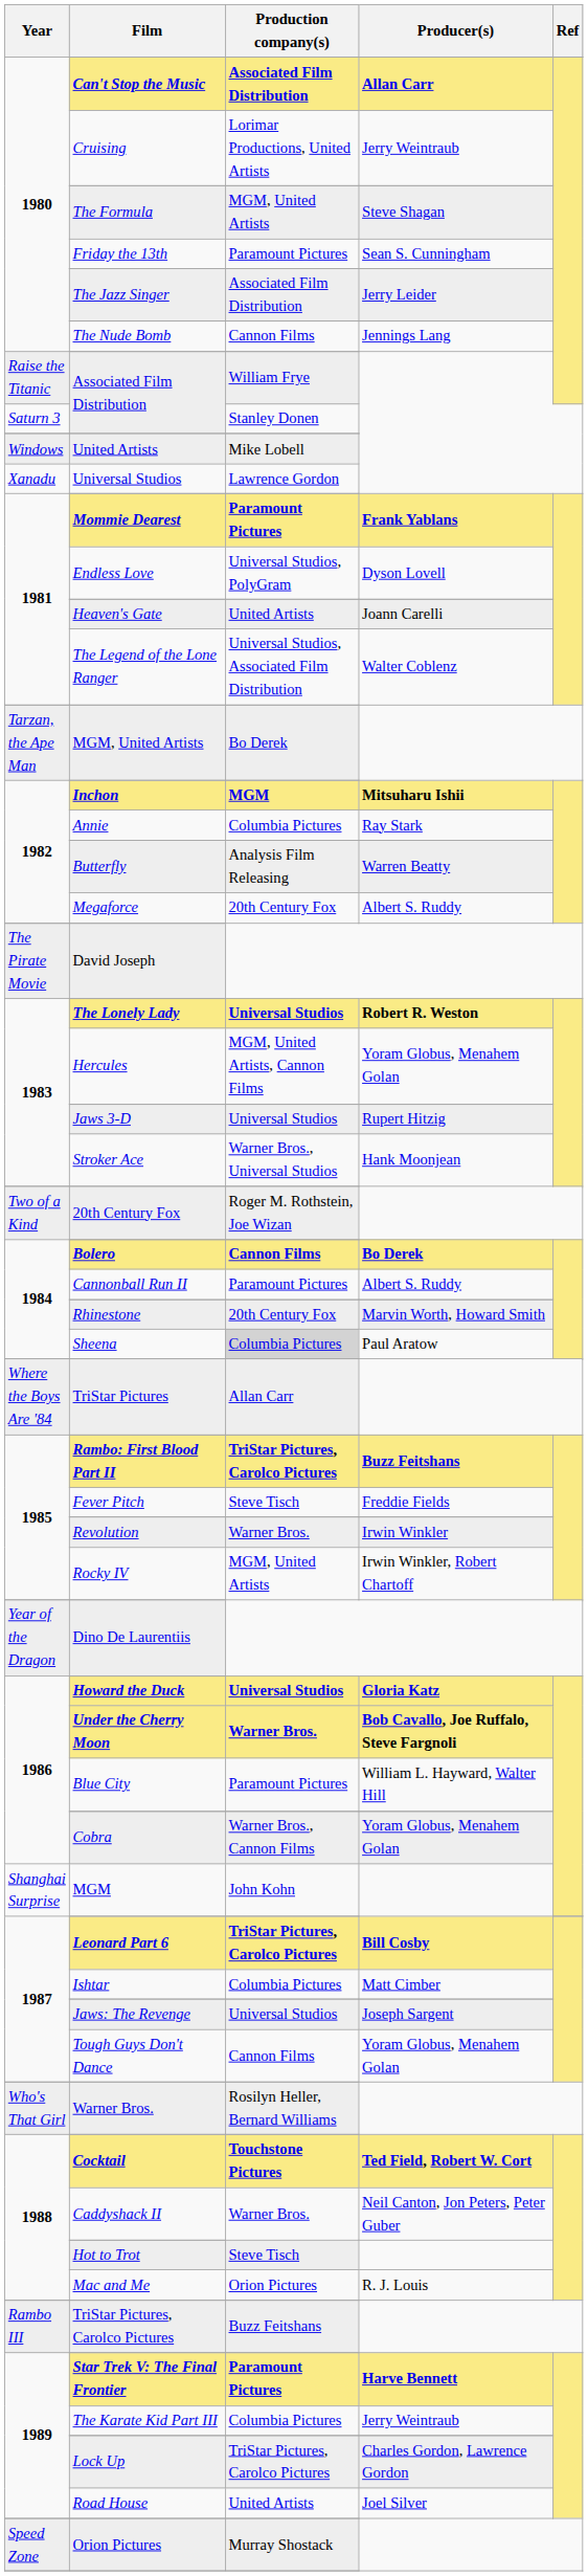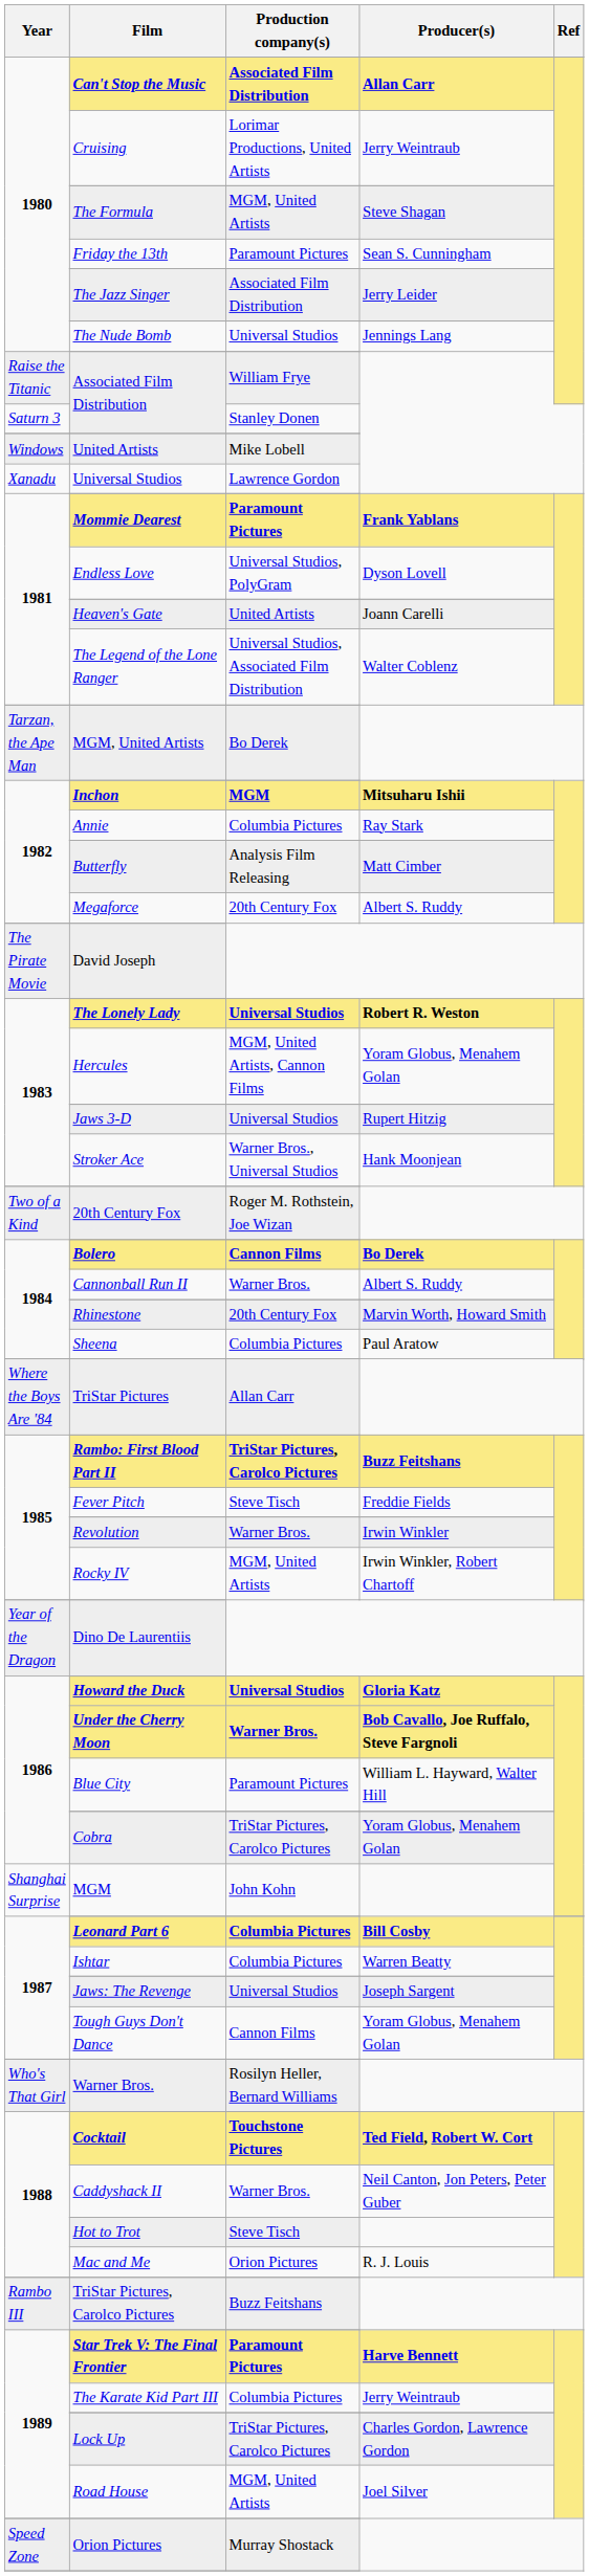 <table class="wikitable sortable" style="font-size:1.00em; line-height:1.5em;">
 <tr bgcolor="#bebebe">
 <th style="width:7%;">Year</th>
 <th style="width:30%;">Film</th>
 <th style="width:25%;">Production company(s)</th>
 <th style="width:40%;">Producer(s)</th>
 <th style="width:10%;">Ref</th>
 </tr>
 <tr>
 <td rowspan=11 style="text-align:center"><strong>1980</strong><br></td>
 </tr>
 <tr style="background:#FAEB86">
 <td><strong><em><a href='#'>Can't Stop the Music</a></em></strong></td>
 <td><strong><a href='#'>Associated Film Distribution</a></strong></td>
 <td><strong><a href='#'>Allan Carr</a></strong></td>
 <td rowspan=11></td>
 </tr>
 <tr>
 <td><em><a href='#'>Cruising</a></em></td>
 <td><a href='#'>Lorimar Productions</a>, <a href='#'>United Artists</a></td>
 <td><a href='#'>Jerry Weintraub</a></td>
 </tr>
 <tr>
 </tr>
 <tr style="background:#eee;">
 <td><em><a href='#'>The Formula</a></em></td>
 <td><a href='#'>MGM</a>, <a href='#'>United Artists</a></td>
 <td><a href='#'>Steve Shagan</a></td>
 </tr>
 <tr>
 <td><em><a href='#'>Friday the 13th</a></em></td>
 <td><a href='#'>Paramount Pictures</a></td>
 <td><a href='#'>Sean S. Cunningham</a></td>
 </tr>
 <tr>
 </tr>
 <tr style="background:#eee;">
 <td><em><a href='#'>The Jazz Singer</a></em></td>
 <td><a href='#'>Associated Film Distribution</a></td>
 <td><a href='#'>Jerry Leider</a></td>
 </tr>
 <tr>
 </tr>
 <tr>
 <td><em><a href='#'>The Nude Bomb</a></em></td>
-<td><a href='#'>Cannon Films</a></td>
+<td><a href='#'>Universal Studios</a></td>
 <td><a href='#'>Jennings Lang</a></td>
 </tr>
 <tr>
 </tr>
 <tr style="background:#eee;">
 <td><em><a href='#'>Raise the Titanic</a></em></td>
 <td rowspan="2"><a href='#'>Associated Film Distribution</a></td>
 <td><a href='#'>William Frye</a></td>
 </tr>
 <tr>
 <td><em><a href='#'>Saturn 3</a></em></td>
 <td><a href='#'>Stanley Donen</a></td>
 </tr>
 <tr>
 </tr>
 <tr style="background:#eee;">
 <td><em><a href='#'>Windows</a></em></td>
 <td><a href='#'>United Artists</a></td>
 <td>Mike Lobell</td>
 </tr>
 <tr>
 <td><em><a href='#'>Xanadu</a></em></td>
 <td><a href='#'>Universal Studios</a></td>
 <td><a href='#'>Lawrence Gordon</a></td>
 </tr>
 <tr>
 <td rowspan=6 style="text-align:center"><strong>1981</strong><br></td>
 </tr>
 <tr style="background:#FAEB86">
 <td><strong><em><a href='#'>Mommie Dearest</a></em></strong></td>
 <td><strong><a href='#'>Paramount Pictures</a></strong></td>
 <td><strong><a href='#'>Frank Yablans</a></strong></td>
 <td rowspan=6></td>
 </tr>
 <tr>
 <td><em><a href='#'>Endless Love</a></em></td>
 <td><a href='#'>Universal Studios</a>, <a href='#'>PolyGram</a></td>
 <td><a href='#'>Dyson Lovell</a></td>
 </tr>
 <tr>
 </tr>
 <tr style="background:#eee;">
 <td><em><a href='#'>Heaven's Gate</a></em></td>
 <td><a href='#'>United Artists</a></td>
 <td>Joann Carelli</td>
 </tr>
 <tr>
 <td><em><a href='#'>The Legend of the Lone Ranger</a></em></td>
 <td><a href='#'>Universal Studios</a>, <a href='#'>Associated Film Distribution</a></td>
 <td><a href='#'>Walter Coblenz</a></td>
 </tr>
 <tr>
 </tr>
 <tr style="background:#eee;">
 <td><em><a href='#'>Tarzan, the Ape Man</a></em></td>
 <td><a href='#'>MGM</a>, <a href='#'>United Artists</a></td>
 <td><a href='#'>Bo Derek</a></td>
 </tr>
 <tr>
 <td rowspan=6 style="text-align:center"><strong>1982</strong><br></td>
 </tr>
 <tr style="background:#FAEB86">
 <td><strong><em><a href='#'>Inchon</a></em></strong></td>
 <td><strong><a href='#'>MGM</a></strong></td>
 <td><strong>Mitsuharu Ishii</strong></td>
 <td rowspan=6></td>
 </tr>
 <tr>
 <td><em><a href='#'>Annie</a></em></td>
 <td><a href='#'>Columbia Pictures</a></td>
 <td><a href='#'>Ray Stark</a></td>
 </tr>
 <tr>
 </tr>
 <tr style="background:#eee;">
 <td><em><a href='#'>Butterfly</a></em></td>
 <td>Analysis Film Releasing</td>
-<td><a href='#'>Warren Beatty</a></td>
+<td><a href='#'>Matt Cimber</a></td>
 </tr>
 <tr>
 <td><em><a href='#'>Megaforce</a></em></td>
 <td rowspan="2"><a href='#'>20th Century Fox</a></td>
 <td><a href='#'>Albert S. Ruddy</a></td>
 </tr>
 <tr>
 </tr>
 <tr style="background:#eee;">
 <td><em><a href='#'>The Pirate Movie</a></em></td>
 <td>David Joseph</td>
 </tr>
 <tr>
 <td rowspan=6 style="text-align:center"><strong>1983</strong><br></td>
 </tr>
 <tr style="background:#FAEB86">
 <td><strong><em><a href='#'>The Lonely Lady</a></em></strong></td>
 <td><strong><a href='#'>Universal Studios</a></strong></td>
 <td><strong>Robert R. Weston</strong></td>
 <td rowspan=6></td>
 </tr>
 <tr>
 <td><em><a href='#'>Hercules</a></em></td>
 <td><a href='#'>MGM</a>, <a href='#'>United Artists</a>, <a href='#'>Cannon Films</a></td>
 <td><a href='#'>Yoram Globus</a>, <a href='#'>Menahem Golan</a></td>
 </tr>
 <tr>
 </tr>
 <tr style="background:#eee;">
 <td><em><a href='#'>Jaws 3-D</a></em></td>
 <td><a href='#'>Universal Studios</a></td>
 <td><a href='#'>Rupert Hitzig</a></td>
 </tr>
 <tr>
 <td><em><a href='#'>Stroker Ace</a></em></td>
 <td><a href='#'>Warner Bros.</a>, <a href='#'>Universal Studios</a></td>
 <td><a href='#'>Hank Moonjean</a></td>
 </tr>
 <tr>
 </tr>
 <tr style="background:#eee;">
 <td><em><a href='#'>Two of a Kind</a></em></td>
 <td><a href='#'>20th Century Fox</a></td>
 <td>Roger M. Rothstein, <a href='#'>Joe Wizan</a></td>
 </tr>
 <tr>
 <td rowspan=6 style="text-align:center"><strong>1984</strong><br></td>
 </tr>
 <tr style="background:#FAEB86">
 <td><strong><em><a href='#'>Bolero</a></em></strong></td>
 <td><strong><a href='#'>Cannon Films</a></strong></td>
 <td><strong><a href='#'>Bo Derek</a></strong></td>
 <td rowspan=6></td>
 </tr>
 <tr>
 <td><em><a href='#'>Cannonball Run II</a></em></td>
-<td><a href='#'>Paramount Pictures</a></td>
+<td><a href='#'>Warner Bros.</a></td>
 <td><a href='#'>Albert S. Ruddy</a></td>
 </tr>
 <tr>
 </tr>
 <tr style="background:#eee;">
 <td><em><a href='#'>Rhinestone</a></em></td>
 <td><a href='#'>20th Century Fox</a></td>
 <td><a href='#'>Marvin Worth</a>, <a href='#'>Howard Smith</a></td>
 </tr>
 <tr>
 <td><em><a href='#'>Sheena</a></em></td>
-<td style="background: lightgrey;"><a href='#'>Columbia Pictures</a></td>
+<td><a href='#'>Columbia Pictures</a></td>
 <td>Paul Aratow</td>
 </tr>
 <tr>
 </tr>
 <tr style="background:#eee;">
 <td><em><a href='#'>Where the Boys Are '84</a></em></td>
 <td><a href='#'>TriStar Pictures</a></td>
 <td><a href='#'>Allan Carr</a></td>
 </tr>
 <tr>
 <td rowspan=6 style="text-align:center"><strong>1985</strong><br></td>
 </tr>
 <tr style="background:#FAEB86">
 <td><strong><em><a href='#'>Rambo: First Blood Part II</a></em></strong></td>
 <td><strong><a href='#'>TriStar Pictures</a>, <a href='#'>Carolco Pictures</a></strong></td>
 <td><strong><a href='#'>Buzz Feitshans</a></strong></td>
 <td rowspan=6></td>
 </tr>
 <tr>
 <td><em><a href='#'>Fever Pitch</a></em></td>
 <td><a href='#'>Steve Tisch</a></td>
 <td><a href='#'>Freddie Fields</a></td>
 </tr>
 <tr>
 </tr>
 <tr style="background:#eee;">
 <td><em><a href='#'>Revolution</a></em></td>
 <td><a href='#'>Warner Bros.</a></td>
 <td><a href='#'>Irwin Winkler</a></td>
 </tr>
 <tr>
 <td><em><a href='#'>Rocky IV</a></em></td>
 <td rowspan="2"><a href='#'>MGM</a>, <a href='#'>United Artists</a></td>
 <td>Irwin Winkler, <a href='#'>Robert Chartoff</a></td>
 </tr>
 <tr>
 </tr>
 <tr style="background:#eee;">
 <td><em><a href='#'>Year of the Dragon</a></em></td>
 <td><a href='#'>Dino De Laurentiis</a></td>
 </tr>
 <tr>
 <td rowspan=6 style="text-align:center"><strong>1986</strong><br></td>
 </tr>
 <tr style="background:#FAEB86">
 <td><strong><em><a href='#'>Howard the Duck</a></em></strong></td>
 <td><strong><a href='#'>Universal Studios</a></strong></td>
 <td><strong><a href='#'>Gloria Katz</a></strong></td>
 <td rowspan=6></td>
 </tr>
 <tr style="background:#FAEB86">
 <td><strong><em><a href='#'>Under the Cherry Moon</a></em></strong></td>
 <td><strong><a href='#'>Warner Bros.</a></strong></td>
 <td><strong><a href='#'>Bob Cavallo</a>, Joe Ruffalo, Steve Fargnoli</strong></td>
 </tr>
 <tr>
 <td><em><a href='#'>Blue City</a></em></td>
 <td><a href='#'>Paramount Pictures</a></td>
 <td>William L. Hayward, <a href='#'>Walter Hill</a></td>
 </tr>
 <tr>
 </tr>
 <tr style="background:#eee;">
 <td><em><a href='#'>Cobra</a></em></td>
-<td><a href='#'>Warner Bros.</a>, <a href='#'>Cannon Films</a></td>
+<td><a href='#'>TriStar Pictures</a>, <a href='#'>Carolco Pictures</a></td>
 <td><a href='#'>Yoram Globus</a>, <a href='#'>Menahem Golan</a></td>
 </tr>
 <tr>
 <td><em><a href='#'>Shanghai Surprise</a></em></td>
 <td><a href='#'>MGM</a></td>
 <td><a href='#'>John Kohn</a></td>
 </tr>
 <tr>
 <td rowspan=6 style="text-align:center"><strong>1987</strong><br></td>
 </tr>
 <tr style="background:#FAEB86">
 <td><strong><em><a href='#'>Leonard Part 6</a></em></strong></td>
-<td><strong><a href='#'>TriStar Pictures</a>, <a href='#'>Carolco Pictures</a></strong></td>
+<td><strong><a href='#'>Columbia Pictures</a></strong></td>
 <td><strong><a href='#'>Bill Cosby</a></strong></td>
 <td rowspan=6></td>
 </tr>
 <tr>
 <td><em><a href='#'>Ishtar</a></em></td>
 <td><a href='#'>Columbia Pictures</a></td>
-<td><a href='#'>Matt Cimber</a></td>
+<td><a href='#'>Warren Beatty</a></td>
 </tr>
 <tr>
 </tr>
 <tr style="background:#eee;">
 <td><em><a href='#'>Jaws: The Revenge</a></em></td>
 <td><a href='#'>Universal Studios</a></td>
 <td><a href='#'>Joseph Sargent</a></td>
 </tr>
 <tr>
 <td><em><a href='#'>Tough Guys Don't Dance</a></em></td>
 <td><a href='#'>Cannon Films</a></td>
 <td><a href='#'>Yoram Globus</a>, <a href='#'>Menahem Golan</a></td>
 </tr>
 <tr>
 </tr>
 <tr style="background:#eee;">
 <td><em><a href='#'>Who's That Girl</a></em></td>
 <td><a href='#'>Warner Bros.</a></td>
 <td>Rosilyn Heller, <a href='#'>Bernard Williams</a></td>
 </tr>
 <tr>
 <td rowspan=6 style="text-align:center"><strong>1988</strong><br></td>
 </tr>
 <tr style="background:#FAEB86">
 <td><strong><em><a href='#'>Cocktail</a></em></strong></td>
 <td><strong><a href='#'>Touchstone Pictures</a></strong></td>
 <td><strong><a href='#'>Ted Field</a>, <a href='#'>Robert W. Cort</a></strong></td>
 <td rowspan=6></td>
 </tr>
 <tr>
 <td><em><a href='#'>Caddyshack II</a></em></td>
 <td rowspan="2"><a href='#'>Warner Bros.</a></td>
 <td><a href='#'>Neil Canton</a>, <a href='#'>Jon Peters</a>, <a href='#'>Peter Guber</a></td>
 </tr>
 <tr>
 </tr>
 <tr style="background:#eee;">
 <td><em><a href='#'>Hot to Trot</a></em></td>
 <td><a href='#'>Steve Tisch</a></td>
 </tr>
 <tr>
 <td><em><a href='#'>Mac and Me</a></em></td>
 <td><a href='#'>Orion Pictures</a></td>
 <td>R. J. Louis</td>
 </tr>
 <tr>
 </tr>
 <tr style="background:#eee;">
 <td><em><a href='#'>Rambo III</a></em></td>
 <td><a href='#'>TriStar Pictures</a>, <a href='#'>Carolco Pictures</a></td>
 <td><a href='#'>Buzz Feitshans</a></td>
 </tr>
 <tr>
 <td rowspan=6 style="text-align:center"><strong>1989</strong><br></td>
 </tr>
 <tr style="background:#FAEB86">
 <td><strong><em><a href='#'>Star Trek V: The Final Frontier</a></em></strong></td>
 <td><strong><a href='#'>Paramount Pictures</a></strong></td>
 <td><strong><a href='#'>Harve Bennett</a></strong></td>
 <td rowspan=6></td>
 </tr>
 <tr>
 <td><em><a href='#'>The Karate Kid Part III</a></em></td>
 <td><a href='#'>Columbia Pictures</a></td>
 <td><a href='#'>Jerry Weintraub</a></td>
 </tr>
 <tr>
 </tr>
 <tr style="background:#eee;">
 <td><em><a href='#'>Lock Up</a></em></td>
 <td><a href='#'>TriStar Pictures</a>, <a href='#'>Carolco Pictures</a></td>
 <td><a href='#'>Charles Gordon</a>, <a href='#'>Lawrence Gordon</a></td>
 </tr>
 <tr>
 <td><em><a href='#'>Road House</a></em></td>
-<td><a href='#'>United Artists</a></td>
+<td><a href='#'>MGM</a>, <a href='#'>United Artists</a></td>
 <td><a href='#'>Joel Silver</a></td>
 </tr>
 <tr>
 </tr>
 <tr style="background:#eee;">
 <td><em><a href='#'>Speed Zone</a></em></td>
 <td><a href='#'>Orion Pictures</a></td>
 <td>Murray Shostack</td>
 </tr>
 <tr>
 </tr>
 </table>
